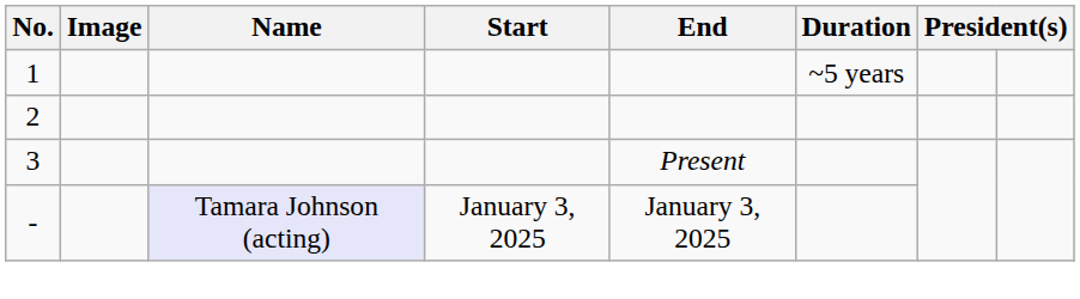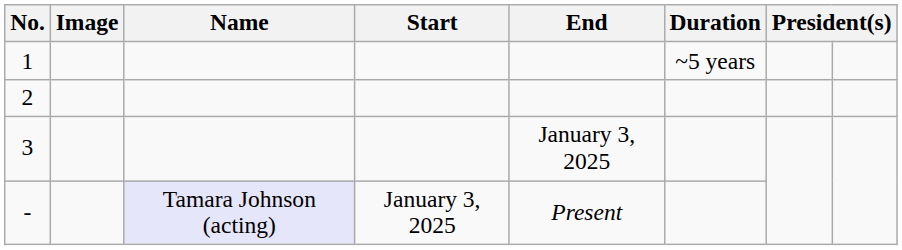 <table class="wikitable sortable" style="text-align:center">
 <tr>
 <th>No.</th>
 <th class="unsortable">Image</th>
 <th>Name</th>
 <th>Start</th>
 <th>End</th>
 <th>Duration</th>
 <th colspan="2">President(s)</th>
 </tr>
 <tr>
 <td>1</td>
 <td></td>
 <td></td>
 <td></td>
 <td></td>
 <td>~5 years</td>
 <td rowspan="1" style="background: "></td>
 <td rowspan="1"></td>
 </tr>
 <tr>
 <td>2</td>
 <td></td>
 <td></td>
 <td></td>
 <td></td>
 <td></td>
 <td rowspan="1" style="background: "></td>
 <td rowspan="1"></td>
 </tr>
 <tr>
 <td>3</td>
 <td></td>
 <td></td>
 <td></td>
-<td><em>Present</em></td>
+<td>January 3, 2025</td>
 <td></td>
 <td rowspan="4" style="background:"></td>
 <td rowspan="4"></td>
 </tr>
 <tr>
 <td>-</td>
 <td></td>
 <td style="background: lavender;">Tamara Johnson (acting)</td>
 <td>January 3, 2025</td>
-<td>January 3, 2025</td>
+<td><em>Present</em></td>
 <td></td>
 </tr>
 </table>
